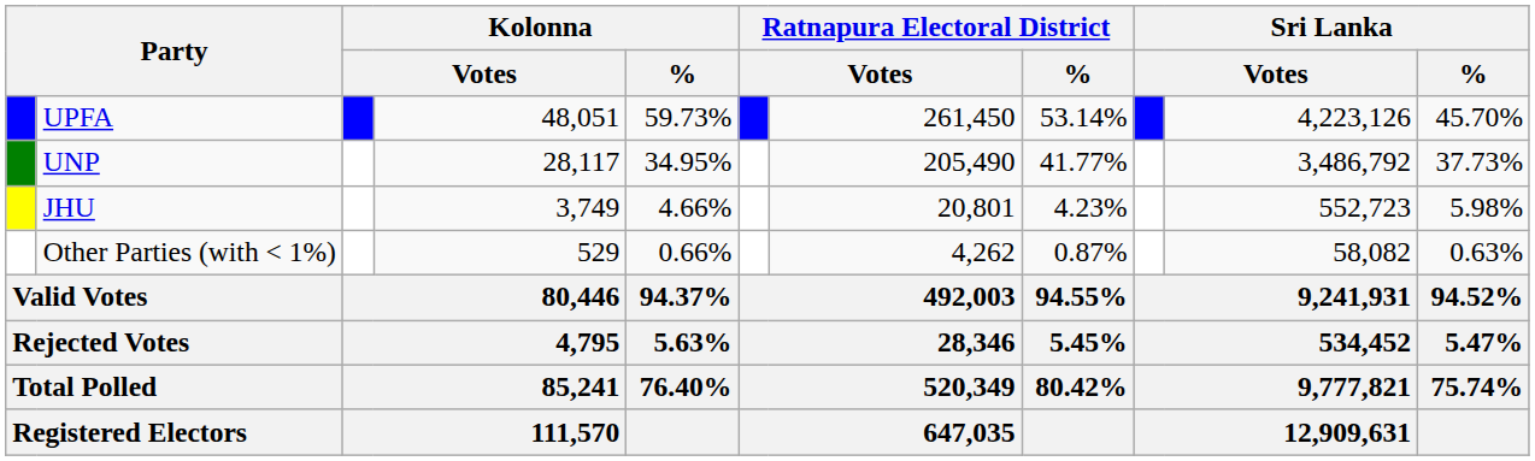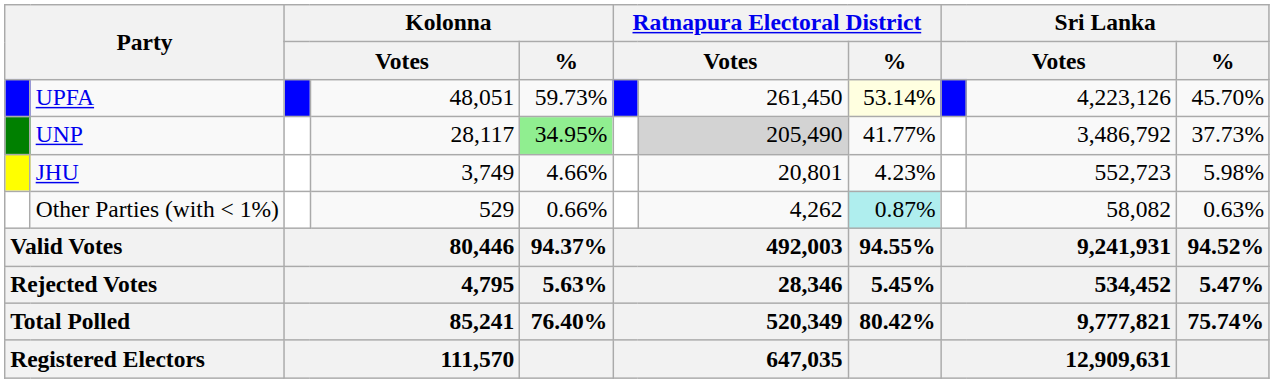 <table class="wikitable">
 <tr>
 <th colspan="2" width="144px"rowspan="2">Party</th>
 <th colspan="3" width="216px">Kolonna</th>
 <th colspan="3" width="216px"><a href='#'>Ratnapura Electoral District</a></th>
 <th colspan="3" width="216px">Sri Lanka</th>
 </tr>
 <tr>
 <th colspan="2" width="144px">Votes</th>
 <th>%</th>
 <th colspan="2" width="144px">Votes</th>
 <th>%</th>
 <th colspan="2" width="144px">Votes</th>
 <th>%</th>
 </tr>
 <tr>
 <td style="background-color:blue;" width="10px"></td>
 <td style="text-align:left;"><a href='#'>UPFA</a></td>
 <td style="background-color:blue;" width="10px"></td>
 <td style="text-align:right;">48,051</td>
 <td style="text-align:right;">59.73%</td>
 <td style="background-color:blue;" width="10px"></td>
 <td style="text-align:right;">261,450</td>
-<td style="text-align:right;">53.14%</td>
+<td style="background: lightyellow; text-align:right;">53.14%</td>
 <td style="background-color:blue;" width="10px"></td>
 <td style="text-align:right;">4,223,126</td>
 <td style="text-align:right;">45.70%</td>
 </tr>
 <tr>
 <td style="background-color:green;" width="10px"></td>
 <td style="text-align:left;"><a href='#'>UNP</a></td>
 <td style="background-color:white;" width="10px"></td>
 <td style="text-align:right;">28,117</td>
-<td style="text-align:right;">34.95%</td>
+<td style="background: lightgreen; text-align:right;">34.95%</td>
 <td style="background-color:white;" width="10px"></td>
-<td style="text-align:right;">205,490</td>
+<td style="background: lightgrey; text-align:right;">205,490</td>
 <td style="text-align:right;">41.77%</td>
 <td style="background-color:white;" width="10px"></td>
 <td style="text-align:right;">3,486,792</td>
 <td style="text-align:right;">37.73%</td>
 </tr>
 <tr>
 <td style="background-color:yellow;" width="10px"></td>
 <td style="text-align:left;"><a href='#'>JHU</a></td>
 <td style="background-color:white;" width="10px"></td>
 <td style="text-align:right;">3,749</td>
 <td style="text-align:right;">4.66%</td>
 <td style="background-color:white;" width="10px"></td>
 <td style="text-align:right;">20,801</td>
 <td style="text-align:right;">4.23%</td>
 <td style="background-color:white;" width="10px"></td>
 <td style="text-align:right;">552,723</td>
 <td style="text-align:right;">5.98%</td>
 </tr>
 <tr>
 <td style="background-color:white;" width="10px"></td>
 <td style="text-align:left;">Other Parties (with < 1%)</td>
 <td style="background-color:white;" width="10px"></td>
 <td style="text-align:right;">529</td>
 <td style="text-align:right;">0.66%</td>
 <td style="background-color:white;" width="10px"></td>
 <td style="text-align:right;">4,262</td>
-<td style="text-align:right;">0.87%</td>
+<td style="background: paleturquoise; text-align:right;">0.87%</td>
 <td style="background-color:white;" width="10px"></td>
 <td style="text-align:right;">58,082</td>
 <td style="text-align:right;">0.63%</td>
 </tr>
 <tr>
 <th colspan="2" width="144px"style="text-align:left;">Valid Votes</th>
 <th style="text-align:right;"colspan="2" width="144px">80,446</th>
 <th style="text-align:right;">94.37%</th>
 <th style="text-align:right;"colspan="2" width="144px">492,003</th>
 <th style="text-align:right;">94.55%</th>
 <th style="text-align:right;"colspan="2" width="144px">9,241,931</th>
 <th style="text-align:right;">94.52%</th>
 </tr>
 <tr>
 <th colspan="2" width="144px"style="text-align:left;">Rejected Votes</th>
 <th style="text-align:right;"colspan="2" width="144px">4,795</th>
 <th style="text-align:right;">5.63%</th>
 <th style="text-align:right;"colspan="2" width="144px">28,346</th>
 <th style="text-align:right;">5.45%</th>
 <th style="text-align:right;"colspan="2" width="144px">534,452</th>
 <th style="text-align:right;">5.47%</th>
 </tr>
 <tr>
 <th colspan="2" width="144px"style="text-align:left;">Total Polled</th>
 <th style="text-align:right;"colspan="2" width="144px">85,241</th>
 <th style="text-align:right;">76.40%</th>
 <th style="text-align:right;"colspan="2" width="144px">520,349</th>
 <th style="text-align:right;">80.42%</th>
 <th style="text-align:right;"colspan="2" width="144px">9,777,821</th>
 <th style="text-align:right;">75.74%</th>
 </tr>
 <tr>
 <th colspan="2" width="144px"style="text-align:left;">Registered Electors</th>
 <th style="text-align:right;"colspan="2" width="144px">111,570</th>
 <th></th>
 <th style="text-align:right;"colspan="2" width="144px">647,035</th>
 <th></th>
 <th style="text-align:right;"colspan="2" width="144px">12,909,631</th>
 <th></th>
 </tr>
 </table>
